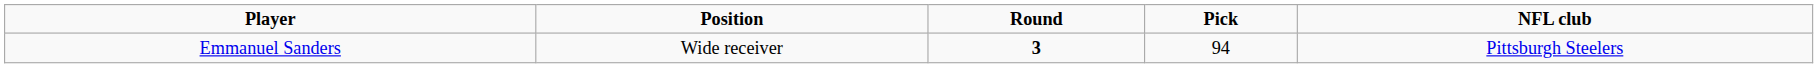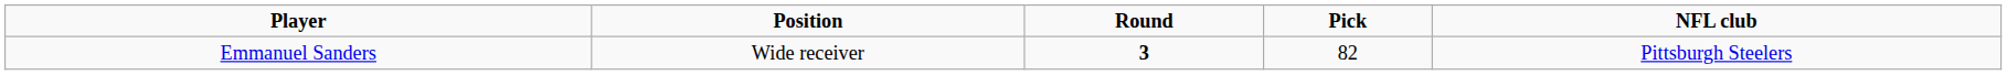 <table class="wikitable" style="width:80%;">
 <tr style="text-align:center; ">
 <td><strong>Player</strong></td>
 <td><strong>Position</strong></td>
 <td><strong>Round</strong></td>
 <td><strong>Pick</strong></td>
 <td><strong>NFL club</strong></td>
 </tr>
 <tr style="text-align:center;" bgcolor="">
 <td><a href='#'>Emmanuel Sanders</a></td>
 <td>Wide receiver</td>
 <td><strong>3</strong></td>
-<td>94</td>
+<td>82</td>
 <td><a href='#'>Pittsburgh Steelers</a></td>
 </tr>
 </table>
